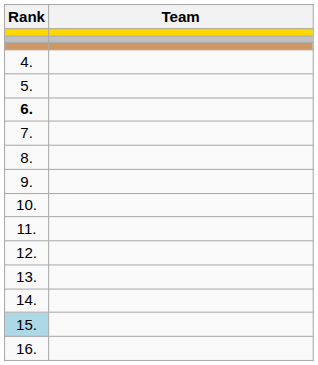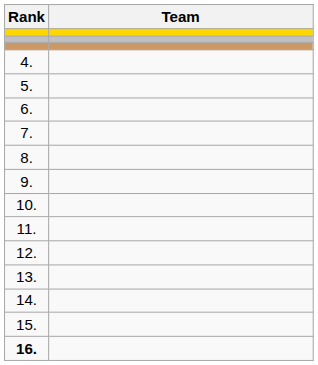 <table class="wikitable" style="border-collapse: collapse; font-size: 90%;">
 <tr>
 <th>Rank</th>
 <th align="left" style="width: 17em">Team</th>
 </tr>
 <tr bgcolor=gold>
 <td align="center"></td>
 <td></td>
 </tr>
 <tr bgcolor=silver>
 <td align="center"></td>
 <td></td>
 </tr>
 <tr bgcolor=cc9966>
 <td align="center"></td>
 <td></td>
 </tr>
 <tr>
 <td align="center">4.</td>
 <td></td>
 </tr>
 <tr>
 <td align="center">5.</td>
 <td></td>
 </tr>
 <tr>
-<td align="center"><strong>6.</strong></td>
+<td align="center">6.</td>
 <td></td>
 </tr>
 <tr>
 <td align="center">7.</td>
 <td></td>
 </tr>
 <tr>
 <td align="center">8.</td>
 <td></td>
 </tr>
 <tr>
 <td align="center">9.</td>
 <td></td>
 </tr>
 <tr>
 <td align="center">10.</td>
 <td></td>
 </tr>
 <tr>
 <td align="center">11.</td>
 <td></td>
 </tr>
 <tr>
 <td align="center">12.</td>
 <td></td>
 </tr>
 <tr>
 <td align="center">13.</td>
 <td></td>
 </tr>
 <tr>
 <td align="center">14.</td>
 <td></td>
 </tr>
 <tr>
-<td align="center" style="background: lightblue;">15.</td>
+<td align="center">15.</td>
 <td></td>
 </tr>
 <tr>
-<td align="center">16.</td>
+<td align="center"><strong>16.</strong></td>
 <td></td>
 </tr>
 </table>
